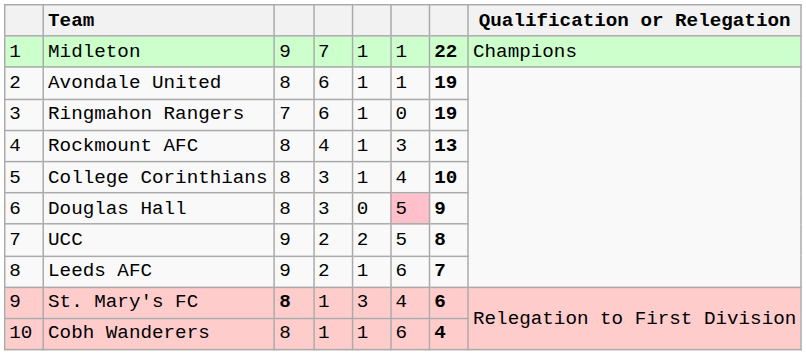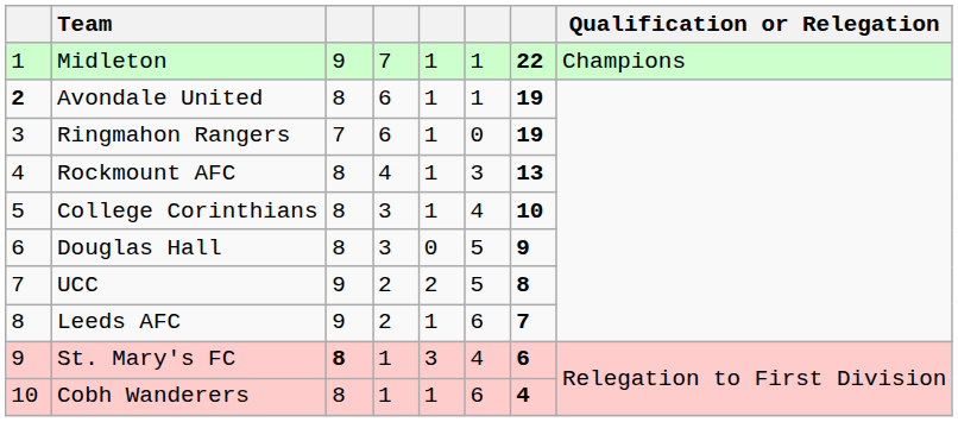 <table class="wikitable">
 <tr>
 <th width="20"></th>
 <th width="150" style="text-align:left;">Team</th>
 <th width="20"></th>
 <th width="20"></th>
 <th width="20"></th>
 <th width="20"></th>
 <th width="20"></th>
 <th>Qualification or Relegation</th>
 </tr>
 <tr style="background:#ccffcc">
 <td>1</td>
 <td>Midleton</td>
 <td>9</td>
 <td>7</td>
 <td>1</td>
 <td>1</td>
 <td><strong>22</strong></td>
 <td>Champions</td>
 </tr>
 <tr>
-<td>2</td>
+<td><strong>2</strong></td>
 <td>Avondale United</td>
 <td>8</td>
 <td>6</td>
 <td>1</td>
 <td>1</td>
 <td><strong>19</strong></td>
 <td rowspan="7"></td>
 </tr>
 <tr>
 <td>3</td>
 <td>Ringmahon Rangers</td>
 <td>7</td>
 <td>6</td>
 <td>1</td>
 <td>0</td>
 <td><strong>19</strong></td>
 </tr>
 <tr>
 <td>4</td>
 <td>Rockmount AFC</td>
 <td>8</td>
 <td>4</td>
 <td>1</td>
 <td>3</td>
 <td><strong>13</strong></td>
 </tr>
 <tr>
 <td>5</td>
 <td align="left">College Corinthians</td>
 <td>8</td>
 <td>3</td>
 <td>1</td>
 <td>4</td>
 <td><strong>10</strong></td>
 </tr>
 <tr>
 <td>6</td>
 <td>Douglas Hall</td>
 <td>8</td>
 <td>3</td>
 <td>0</td>
-<td style="background: pink;">5</td>
+<td>5</td>
 <td><strong>9</strong></td>
 </tr>
 <tr>
 <td>7</td>
 <td>UCC</td>
 <td>9</td>
 <td>2</td>
 <td>2</td>
 <td>5</td>
 <td><strong>8</strong></td>
 </tr>
 <tr>
 <td>8</td>
 <td>Leeds AFC</td>
 <td>9</td>
 <td>2</td>
 <td>1</td>
 <td>6</td>
 <td><strong>7</strong></td>
 </tr>
 <tr style="background:#ffcccc">
 <td>9</td>
 <td>St. Mary's FC</td>
 <td><strong>8</strong></td>
 <td>1</td>
 <td>3</td>
 <td>4</td>
 <td><strong>6</strong></td>
 <td rowspan="2">Relegation to First Division</td>
 </tr>
 <tr style="background:#ffcccc">
 <td>10</td>
 <td align="left">Cobh Wanderers</td>
 <td>8</td>
 <td>1</td>
 <td>1</td>
 <td>6</td>
 <td><strong>4</strong></td>
 </tr>
 </table>
